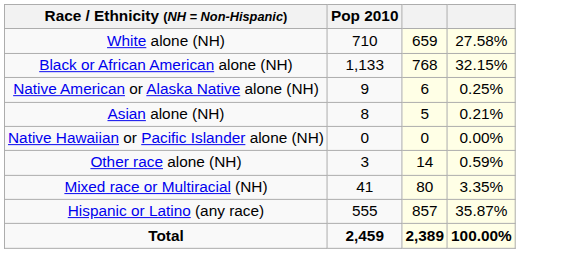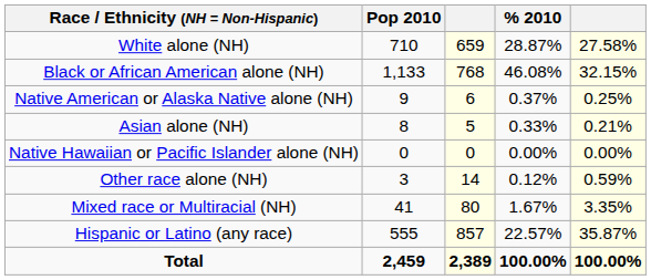 <table class="wikitable" style="text-align:center;">
 <tr>
 <th>Race / Ethnicity <small>(<em>NH = Non-Hispanic</em>)</small></th>
 <th>Pop 2010</th>
 <th></th>
+<th>% 2010</th>
 <th></th>
 </tr>
 <tr>
 <td><a href='#'>White</a> alone (NH)</td>
 <td>710</td>
 <td style='background: #ffffe6;'>659</td>
+<td>28.87%</td>
 <td style='background: #ffffe6;'>27.58%</td>
 </tr>
 <tr>
 <td><a href='#'>Black or African American</a> alone (NH)</td>
 <td>1,133</td>
 <td style='background: #ffffe6;'>768</td>
+<td>46.08%</td>
 <td style='background: #ffffe6;'>32.15%</td>
 </tr>
 <tr>
 <td><a href='#'>Native American</a> or <a href='#'>Alaska Native</a> alone (NH)</td>
 <td>9</td>
 <td style='background: #ffffe6;'>6</td>
+<td>0.37%</td>
 <td style='background: #ffffe6;'>0.25%</td>
 </tr>
 <tr>
 <td><a href='#'>Asian</a> alone (NH)</td>
 <td>8</td>
 <td style='background: #ffffe6;'>5</td>
+<td>0.33%</td>
 <td style='background: #ffffe6;'>0.21%</td>
 </tr>
 <tr>
 <td><a href='#'>Native Hawaiian</a>  or <a href='#'>Pacific Islander</a> alone (NH)</td>
 <td>0</td>
 <td style='background: #ffffe6;'>0</td>
+<td>0.00%</td>
 <td style='background: #ffffe6;'>0.00%</td>
 </tr>
 <tr>
 <td><a href='#'>Other race</a> alone (NH)</td>
 <td>3</td>
 <td style='background: #ffffe6;'>14</td>
+<td>0.12%</td>
 <td style='background: #ffffe6;'>0.59%</td>
 </tr>
 <tr>
 <td><a href='#'>Mixed race or Multiracial</a> (NH)</td>
 <td>41</td>
 <td style='background: #ffffe6;'>80</td>
+<td>1.67%</td>
 <td style='background: #ffffe6;'>3.35%</td>
 </tr>
 <tr>
 <td><a href='#'>Hispanic or Latino</a> (any race)</td>
 <td>555</td>
 <td style='background: #ffffe6;'>857</td>
+<td>22.57%</td>
 <td style='background: #ffffe6;'>35.87%</td>
 </tr>
 <tr>
 <td><strong>Total</strong></td>
 <td><strong>2,459</strong></td>
 <td style='background: #ffffe6;'><strong>2,389</strong></td>
+<td><strong>100.00%</strong></td>
 <td style='background: #ffffe6;'><strong>100.00%</strong></td>
 </tr>
 </table>
